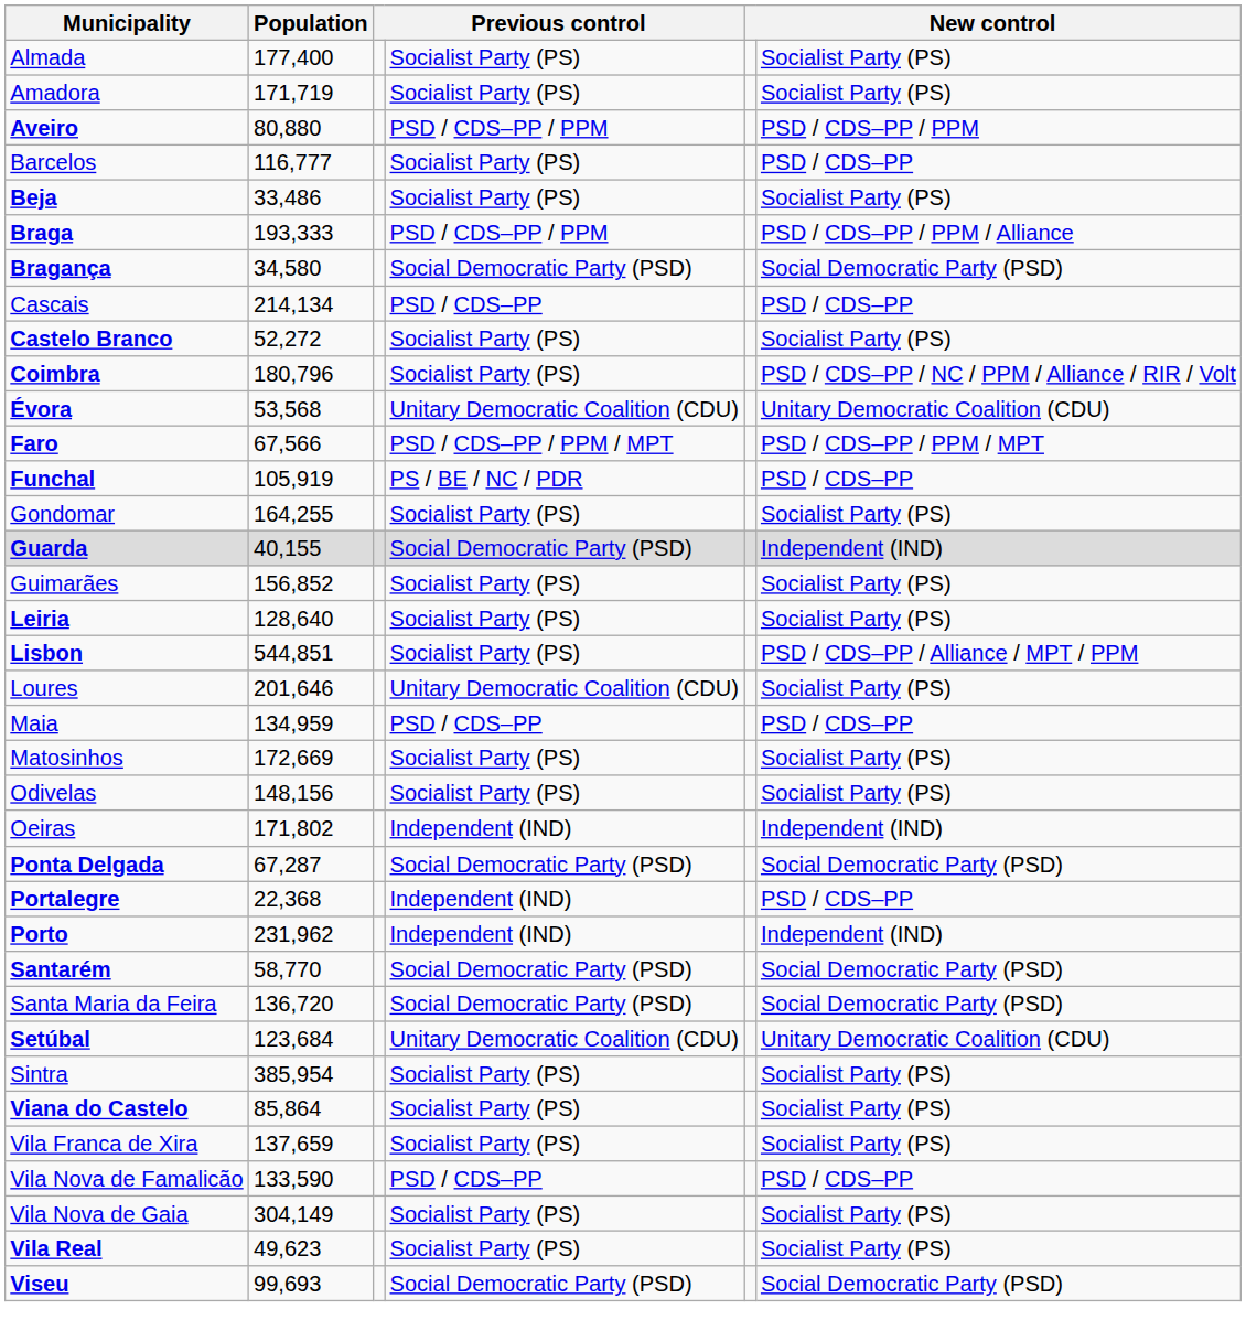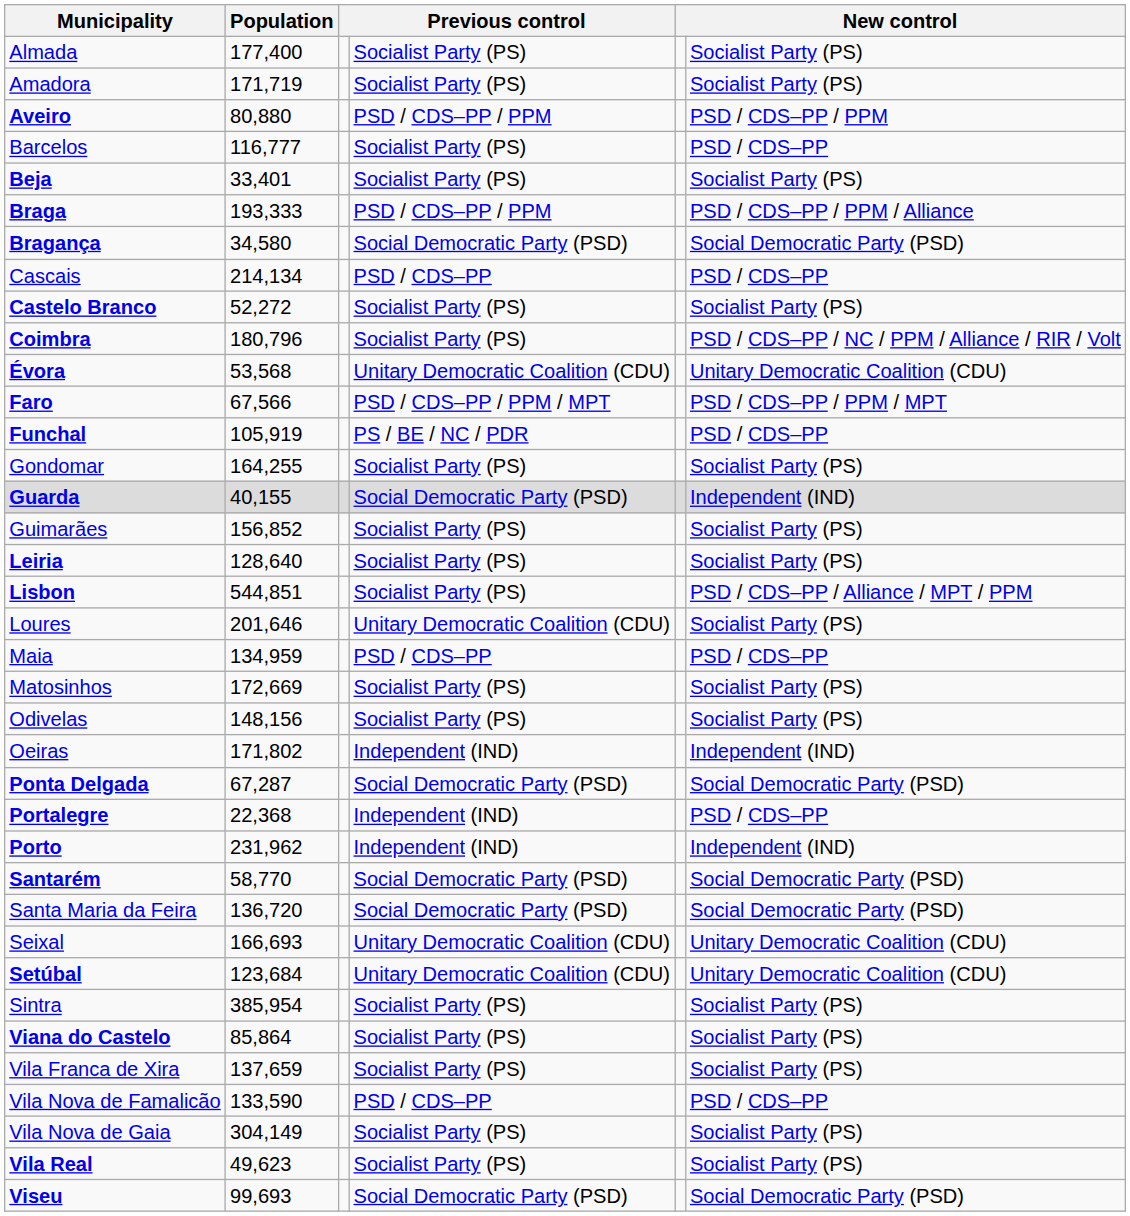 <table class="wikitable sortable" style="font-size:95%;">
 <tr>
 <th>Municipality</th>
 <th>Population</th>
 <th colspan="2" style="width:200px;">Previous control</th>
 <th colspan="2" style="width:200px;">New control</th>
 </tr>
 <tr>
 <td><a href='#'>Almada</a></td>
 <td>177,400</td>
 <td width="1" style="color:inherit;background:"></td>
 <td><a href='#'>Socialist Party</a> (PS)</td>
 <td width="1" style="color:inherit;background:"></td>
 <td><a href='#'>Socialist Party</a> (PS)</td>
 </tr>
 <tr>
 <td><a href='#'>Amadora</a></td>
 <td>171,719</td>
 <td width="1" style="color:inherit;background:"></td>
 <td><a href='#'>Socialist Party</a> (PS)</td>
 <td width="1" style="color:inherit;background:"></td>
 <td><a href='#'>Socialist Party</a> (PS)</td>
 </tr>
 <tr>
 <td><a href='#'><strong>Aveiro</strong></a></td>
 <td>80,880</td>
 <td width="1" style="color:inherit;background:"></td>
 <td><a href='#'>PSD</a> / <a href='#'>CDS–PP</a> / <a href='#'>PPM</a></td>
 <td width="1" style="color:inherit;background:"></td>
 <td><a href='#'>PSD</a> / <a href='#'>CDS–PP</a> / <a href='#'>PPM</a></td>
 </tr>
 <tr>
 <td><a href='#'>Barcelos</a></td>
 <td>116,777</td>
 <td width="1" style="color:inherit;background:"></td>
 <td><a href='#'>Socialist Party</a> (PS)</td>
 <td width="1" style="color:inherit;background:"></td>
 <td><a href='#'>PSD</a> / <a href='#'>CDS–PP</a></td>
 </tr>
 <tr>
 <td><a href='#'><strong>Beja</strong></a></td>
-<td>33,486</td>
+<td>33,401</td>
 <td width="1" style="color:inherit;background:"></td>
 <td><a href='#'>Socialist Party</a> (PS)</td>
 <td width="1" style="color:inherit;background:"></td>
 <td><a href='#'>Socialist Party</a> (PS)</td>
 </tr>
 <tr>
 <td><strong><a href='#'>Braga</a></strong></td>
 <td>193,333</td>
 <td width="1" style="color:inherit;background:"></td>
 <td><a href='#'>PSD</a> / <a href='#'>CDS–PP</a> / <a href='#'>PPM</a></td>
 <td width="1" style="color:inherit;background:"></td>
 <td><a href='#'>PSD</a> / <a href='#'>CDS–PP</a> / <a href='#'>PPM</a> / <a href='#'>Alliance</a></td>
 </tr>
 <tr>
 <td><a href='#'><strong>Bragança</strong></a></td>
 <td>34,580</td>
 <td width="1" style="color:inherit;background:"></td>
 <td><a href='#'>Social Democratic Party</a> (PSD)</td>
 <td width="1" style="color:inherit;background:"></td>
 <td><a href='#'>Social Democratic Party</a> (PSD)</td>
 </tr>
 <tr>
 <td><a href='#'>Cascais</a></td>
 <td>214,134</td>
 <td width="1" style="color:inherit;background:"></td>
 <td><a href='#'>PSD</a> / <a href='#'>CDS–PP</a></td>
 <td width="1" style="color:inherit;background:"></td>
 <td><a href='#'>PSD</a> / <a href='#'>CDS–PP</a></td>
 </tr>
 <tr>
 <td><a href='#'><strong>Castelo Branco</strong></a></td>
 <td>52,272</td>
 <td width="1" style="color:inherit;background:"></td>
 <td><a href='#'>Socialist Party</a> (PS)</td>
 <td width="1" style="color:inherit;background:"></td>
 <td><a href='#'>Socialist Party</a> (PS)</td>
 </tr>
 <tr>
 <td><strong><a href='#'>Coimbra</a></strong></td>
 <td>180,796</td>
 <td width="1" style="color:inherit;background:"></td>
 <td><a href='#'>Socialist Party</a> (PS)</td>
 <td width="1" style="color:inherit;background:"></td>
 <td><a href='#'>PSD</a> / <a href='#'>CDS–PP</a> / <a href='#'>NC</a> / <a href='#'>PPM</a> / <a href='#'>Alliance</a> / <a href='#'>RIR</a> / <a href='#'>Volt</a></td>
 </tr>
 <tr>
 <td><strong><a href='#'>Évora</a></strong></td>
 <td>53,568</td>
 <td width="1" style="color:inherit;background:"></td>
 <td><a href='#'>Unitary Democratic Coalition</a> (CDU)</td>
 <td width="1" style="color:inherit;background:"></td>
 <td><a href='#'>Unitary Democratic Coalition</a> (CDU)</td>
 </tr>
 <tr>
 <td><a href='#'><strong>Faro</strong></a></td>
 <td>67,566</td>
 <td style="color:inherit;background:"></td>
 <td><a href='#'>PSD</a> / <a href='#'>CDS–PP</a> / <a href='#'>PPM</a> / <a href='#'>MPT</a></td>
 <td style="color:inherit;background:"></td>
 <td><a href='#'>PSD</a> / <a href='#'>CDS–PP</a> / <a href='#'>PPM</a> / <a href='#'>MPT</a></td>
 </tr>
 <tr>
 <td><strong><a href='#'>Funchal</a></strong></td>
 <td>105,919</td>
 <td style="color:inherit;background:"></td>
 <td><a href='#'>PS</a> / <a href='#'>BE</a> / <a href='#'>NC</a> / <a href='#'>PDR</a></td>
 <td width="1" style="color:inherit;background:"></td>
 <td><a href='#'>PSD</a> / <a href='#'>CDS–PP</a></td>
 </tr>
 <tr>
 <td><a href='#'>Gondomar</a></td>
 <td>164,255</td>
 <td width="1" style="color:inherit;background:"></td>
 <td><a href='#'>Socialist Party</a> (PS)</td>
 <td width="1" style="color:inherit;background:"></td>
 <td><a href='#'>Socialist Party</a> (PS)</td>
 </tr>
 <tr style="background-color:#DCDCDC">
 <td><a href='#'><strong>Guarda</strong></a></td>
 <td>40,155</td>
 <td width="1" style="color:inherit;background:"></td>
 <td><a href='#'>Social Democratic Party</a> (PSD)</td>
 <td width="1" style="color:inherit;background:"></td>
 <td><a href='#'>Independent</a> (IND)</td>
 </tr>
 <tr>
 <td><a href='#'>Guimarães</a></td>
 <td>156,852</td>
 <td width="1" style="color:inherit;background:"></td>
 <td><a href='#'>Socialist Party</a> (PS)</td>
 <td width="1" style="color:inherit;background:"></td>
 <td><a href='#'>Socialist Party</a> (PS)</td>
 </tr>
 <tr>
 <td><strong><a href='#'>Leiria</a></strong></td>
 <td>128,640</td>
 <td width="1" style="color:inherit;background:"></td>
 <td><a href='#'>Socialist Party</a> (PS)</td>
 <td width="1" style="color:inherit;background:"></td>
 <td><a href='#'>Socialist Party</a> (PS)</td>
 </tr>
 <tr>
 <td><a href='#'><strong>Lisbon</strong></a></td>
 <td>544,851</td>
 <td width="1" style="color:inherit;background:"></td>
 <td><a href='#'>Socialist Party</a> (PS)</td>
 <td width="1" style="color:inherit;background:"></td>
 <td><a href='#'>PSD</a> / <a href='#'>CDS–PP</a> / <a href='#'>Alliance</a> / <a href='#'>MPT</a> / <a href='#'>PPM</a></td>
 </tr>
 <tr>
 <td><a href='#'>Loures</a></td>
 <td>201,646</td>
 <td width="1" style="color:inherit;background:"></td>
 <td><a href='#'>Unitary Democratic Coalition</a> (CDU)</td>
 <td width="1" style="color:inherit;background:"></td>
 <td><a href='#'>Socialist Party</a> (PS)</td>
 </tr>
 <tr>
 <td><a href='#'>Maia</a></td>
 <td>134,959</td>
 <td width="1" style="color:inherit;background:"></td>
 <td><a href='#'>PSD</a> / <a href='#'>CDS–PP</a></td>
 <td width="1" style="color:inherit;background:"></td>
 <td><a href='#'>PSD</a> / <a href='#'>CDS–PP</a></td>
 </tr>
 <tr>
 <td><a href='#'>Matosinhos</a></td>
 <td>172,669</td>
 <td width="1" style="color:inherit;background:"></td>
 <td><a href='#'>Socialist Party</a> (PS)</td>
 <td width="1" style="color:inherit;background:"></td>
 <td><a href='#'>Socialist Party</a> (PS)</td>
 </tr>
 <tr>
 <td><a href='#'>Odivelas</a></td>
 <td>148,156</td>
 <td width="1" style="color:inherit;background:"></td>
 <td><a href='#'>Socialist Party</a> (PS)</td>
 <td width="1" style="color:inherit;background:"></td>
 <td><a href='#'>Socialist Party</a> (PS)</td>
 </tr>
 <tr>
 <td><a href='#'>Oeiras</a></td>
 <td>171,802</td>
 <td width="1" style="color:inherit;background:"></td>
 <td><a href='#'>Independent</a> (IND)</td>
 <td width="1" style="color:inherit;background:"></td>
 <td><a href='#'>Independent</a> (IND)</td>
 </tr>
 <tr>
 <td><strong><a href='#'>Ponta Delgada</a></strong></td>
 <td>67,287</td>
 <td width="1" style="color:inherit;background:"></td>
 <td><a href='#'>Social Democratic Party</a> (PSD)</td>
 <td width="1" style="color:inherit;background:"></td>
 <td><a href='#'>Social Democratic Party</a> (PSD)</td>
 </tr>
 <tr>
 <td><a href='#'><strong>Portalegre</strong></a></td>
 <td>22,368</td>
 <td width="1" style="color:inherit;background:"></td>
 <td><a href='#'>Independent</a> (IND)</td>
 <td width="1" style="color:inherit;background:"></td>
 <td><a href='#'>PSD</a> / <a href='#'>CDS–PP</a></td>
 </tr>
 <tr>
 <td><strong><a href='#'>Porto</a></strong></td>
 <td>231,962</td>
 <td width="1" style="color:inherit;background:"></td>
 <td><a href='#'>Independent</a> (IND)</td>
 <td width="1" style="color:inherit;background:"></td>
 <td><a href='#'>Independent</a> (IND)</td>
 </tr>
 <tr>
 <td><a href='#'><strong>Santarém</strong></a></td>
 <td>58,770</td>
 <td width="1" style="color:inherit;background:"></td>
 <td><a href='#'>Social Democratic Party</a> (PSD)</td>
 <td width="1" style="color:inherit;background:"></td>
 <td><a href='#'>Social Democratic Party</a> (PSD)</td>
 </tr>
 <tr>
 <td><a href='#'>Santa Maria da Feira</a></td>
 <td>136,720</td>
 <td width="1" style="color:inherit;background:"></td>
 <td><a href='#'>Social Democratic Party</a> (PSD)</td>
 <td width="1" style="color:inherit;background:"></td>
 <td><a href='#'>Social Democratic Party</a> (PSD)</td>
 </tr>
 <tr>
+<td><a href='#'>Seixal</a></td>
+<td>166,693</td>
+<td width="1" style="color:inherit;background:"></td>
+<td><a href='#'>Unitary Democratic Coalition</a> (CDU)</td>
+<td width="1" style="color:inherit;background:"></td>
+<td><a href='#'>Unitary Democratic Coalition</a> (CDU)</td>
+</tr>
+<tr>
 <td><strong><a href='#'>Setúbal</a></strong></td>
 <td>123,684</td>
 <td width="1" style="color:inherit;background:"></td>
 <td><a href='#'>Unitary Democratic Coalition</a> (CDU)</td>
 <td width="1" style="color:inherit;background:"></td>
 <td><a href='#'>Unitary Democratic Coalition</a> (CDU)</td>
 </tr>
 <tr>
 <td><a href='#'>Sintra</a></td>
 <td>385,954</td>
 <td width="1" style="color:inherit;background:"></td>
 <td><a href='#'>Socialist Party</a> (PS)</td>
 <td width="1" style="color:inherit;background:"></td>
 <td><a href='#'>Socialist Party</a> (PS)</td>
 </tr>
 <tr>
 <td><strong><a href='#'>Viana do Castelo</a></strong></td>
 <td>85,864</td>
 <td width="1" style="color:inherit;background:"></td>
 <td><a href='#'>Socialist Party</a> (PS)</td>
 <td width="1" style="color:inherit;background:"></td>
 <td><a href='#'>Socialist Party</a> (PS)</td>
 </tr>
 <tr>
 <td><a href='#'>Vila Franca de Xira</a></td>
 <td>137,659</td>
 <td width="1" style="color:inherit;background:"></td>
 <td><a href='#'>Socialist Party</a> (PS)</td>
 <td width="1" style="color:inherit;background:"></td>
 <td><a href='#'>Socialist Party</a> (PS)</td>
 </tr>
 <tr>
 <td><a href='#'>Vila Nova de Famalicão</a></td>
 <td>133,590</td>
 <td width="1" style="color:inherit;background:"></td>
 <td><a href='#'>PSD</a> / <a href='#'>CDS–PP</a></td>
 <td width="1" style="color:inherit;background:"></td>
 <td><a href='#'>PSD</a> / <a href='#'>CDS–PP</a></td>
 </tr>
 <tr>
 <td><a href='#'>Vila Nova de Gaia</a></td>
 <td>304,149</td>
 <td width="1" style="color:inherit;background:"></td>
 <td><a href='#'>Socialist Party</a> (PS)</td>
 <td width="1" style="color:inherit;background:"></td>
 <td><a href='#'>Socialist Party</a> (PS)</td>
 </tr>
 <tr>
 <td><strong><a href='#'>Vila Real</a></strong></td>
 <td>49,623</td>
 <td width="1" style="color:inherit;background:"></td>
 <td><a href='#'>Socialist Party</a> (PS)</td>
 <td width="1" style="color:inherit;background:"></td>
 <td><a href='#'>Socialist Party</a> (PS)</td>
 </tr>
 <tr>
 <td><strong><a href='#'>Viseu</a></strong></td>
 <td>99,693</td>
 <td width="1" style="color:inherit;background:"></td>
 <td><a href='#'>Social Democratic Party</a> (PSD)</td>
 <td width="1" style="color:inherit;background:"></td>
 <td><a href='#'>Social Democratic Party</a> (PSD)</td>
 </tr>
 </table>
